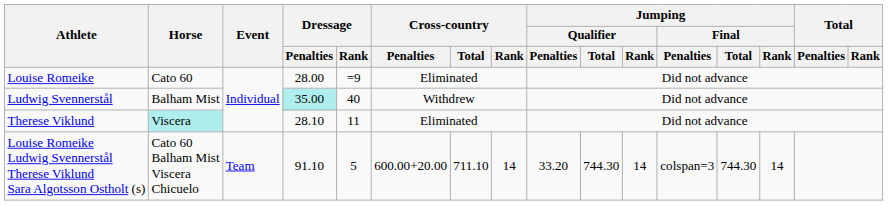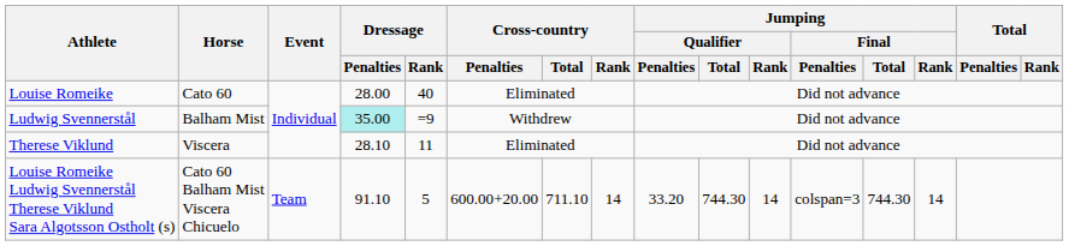 <table class=wikitable style="font-size:90%">
 <tr>
 <th rowspan="3">Athlete</th>
 <th rowspan="3">Horse</th>
 <th rowspan="3">Event</th>
 <th colspan="2" rowspan="2">Dressage</th>
 <th colspan="3" rowspan="2">Cross-country</th>
 <th colspan="6">Jumping</th>
 <th colspan="2" rowspan="2">Total</th>
 </tr>
 <tr style="font-size:95%">
 <th colspan="3">Qualifier</th>
 <th colspan="3">Final</th>
 </tr>
 <tr style="font-size:95%">
 <th>Penalties</th>
 <th>Rank</th>
 <th>Penalties</th>
 <th>Total</th>
 <th>Rank</th>
 <th>Penalties</th>
 <th>Total</th>
 <th>Rank</th>
 <th>Penalties</th>
 <th>Total</th>
 <th>Rank</th>
 <th>Penalties</th>
 <th>Rank</th>
 </tr>
 <tr align=center>
 <td align=left><a href='#'>Louise Romeike</a></td>
 <td align=left>Cato 60</td>
 <td rowspan="3" align="left"><a href='#'>Individual</a></td>
 <td>28.00</td>
-<td>=9</td>
+<td>40</td>
 <td colspan="3">Eliminated</td>
 <td colspan="8">Did not advance</td>
 </tr>
 <tr align=center>
 <td align=left><a href='#'>Ludwig Svennerstål</a></td>
 <td align=left>Balham Mist</td>
 <td style="background: paleturquoise;">35.00</td>
-<td>40</td>
+<td>=9</td>
 <td colspan="3">Withdrew</td>
 <td colspan="8">Did not advance</td>
 </tr>
 <tr align="center">
 <td align="left"><a href='#'>Therese Viklund</a></td>
-<td align="left" style="background: paleturquoise;">Viscera</td>
+<td align="left">Viscera</td>
 <td>28.10</td>
 <td>11</td>
 <td colspan="3">Eliminated</td>
 <td colspan="8">Did not advance</td>
 </tr>
 <tr align="center">
 <td align="left"><a href='#'>Louise Romeike</a><br><a href='#'>Ludwig Svennerstål</a><br><a href='#'>Therese Viklund</a><br><a href='#'>Sara Algotsson Ostholt</a> (s)</td>
 <td align="left">Cato 60<br>Balham Mist<br>Viscera<br>Chicuelo</td>
 <td align="left"><a href='#'>Team</a></td>
 <td>91.10</td>
 <td>5</td>
 <td>600.00+20.00</td>
 <td>711.10</td>
 <td>14</td>
 <td>33.20</td>
 <td>744.30</td>
 <td>14</td>
 <td>colspan=3 </td>
 <td>744.30</td>
 <td>14</td>
 </tr>
 </table>
